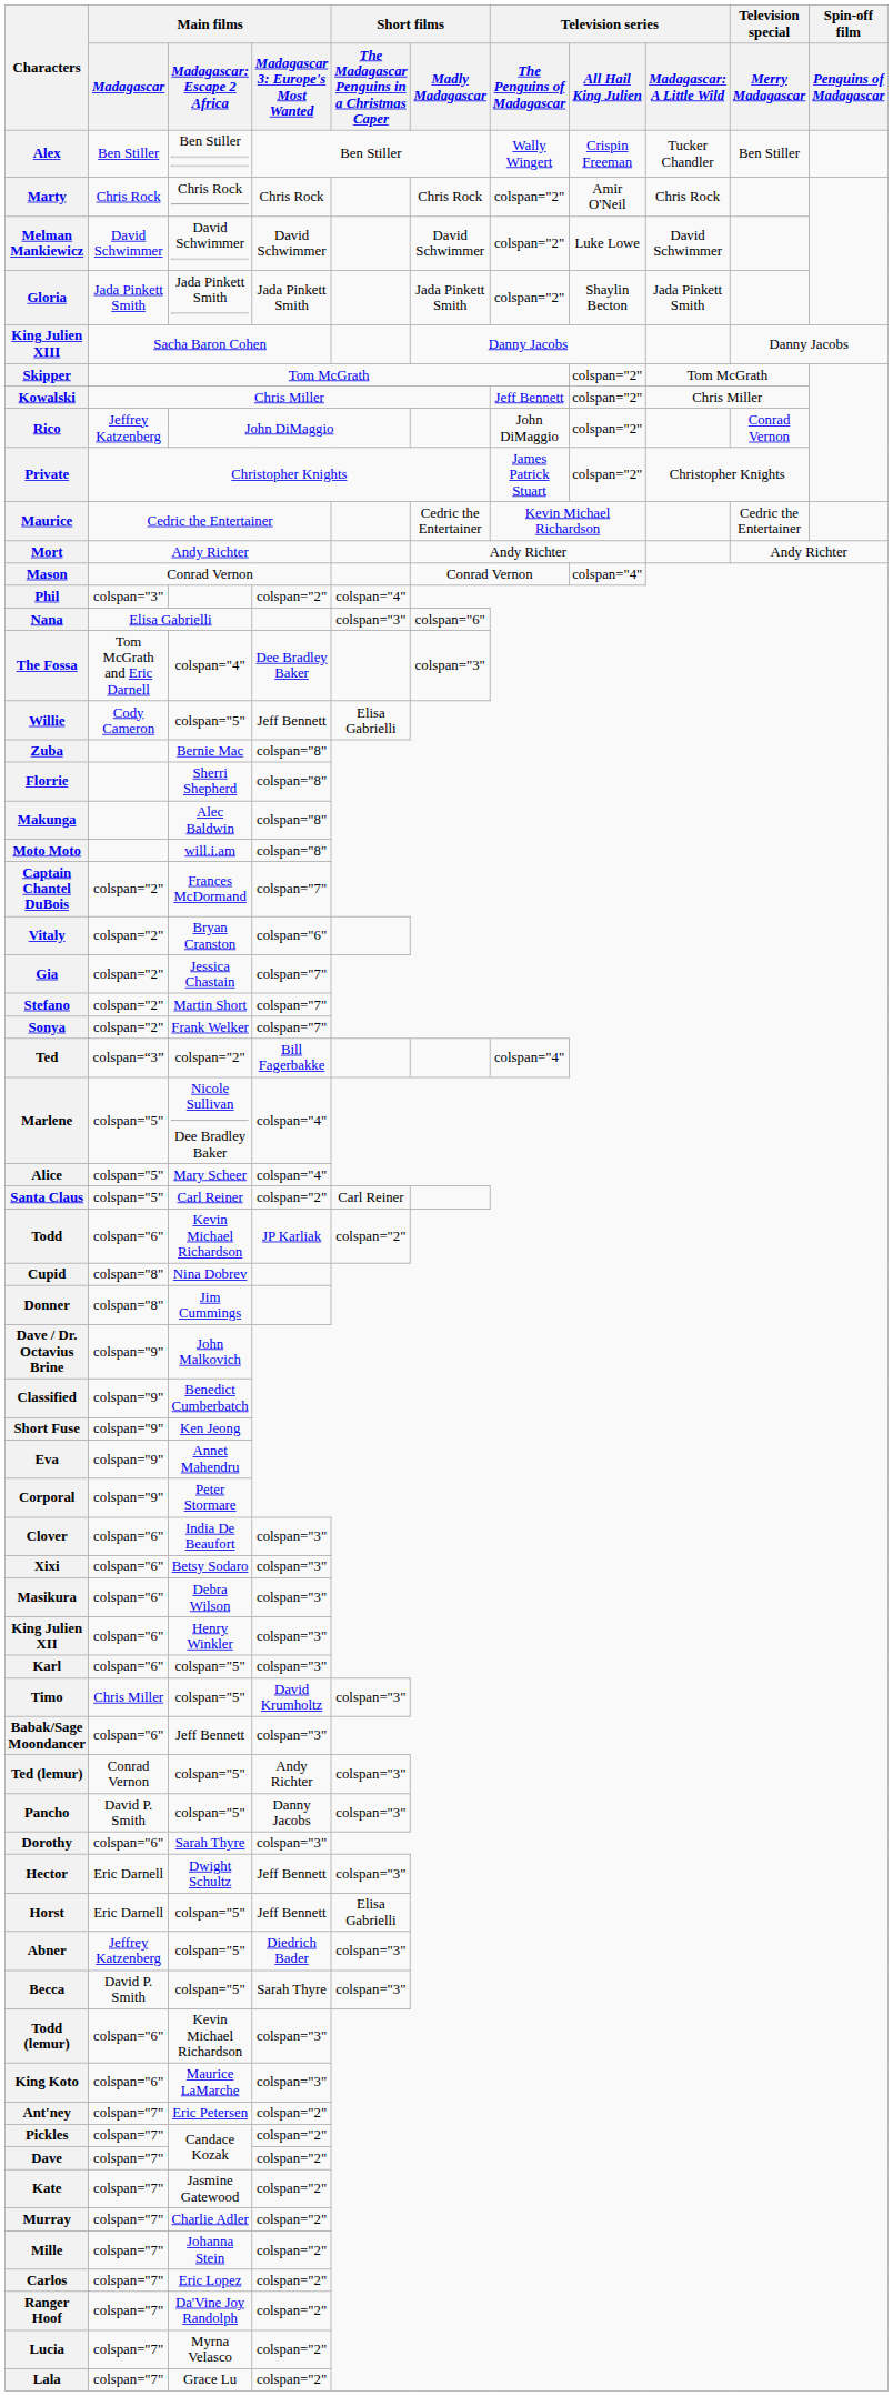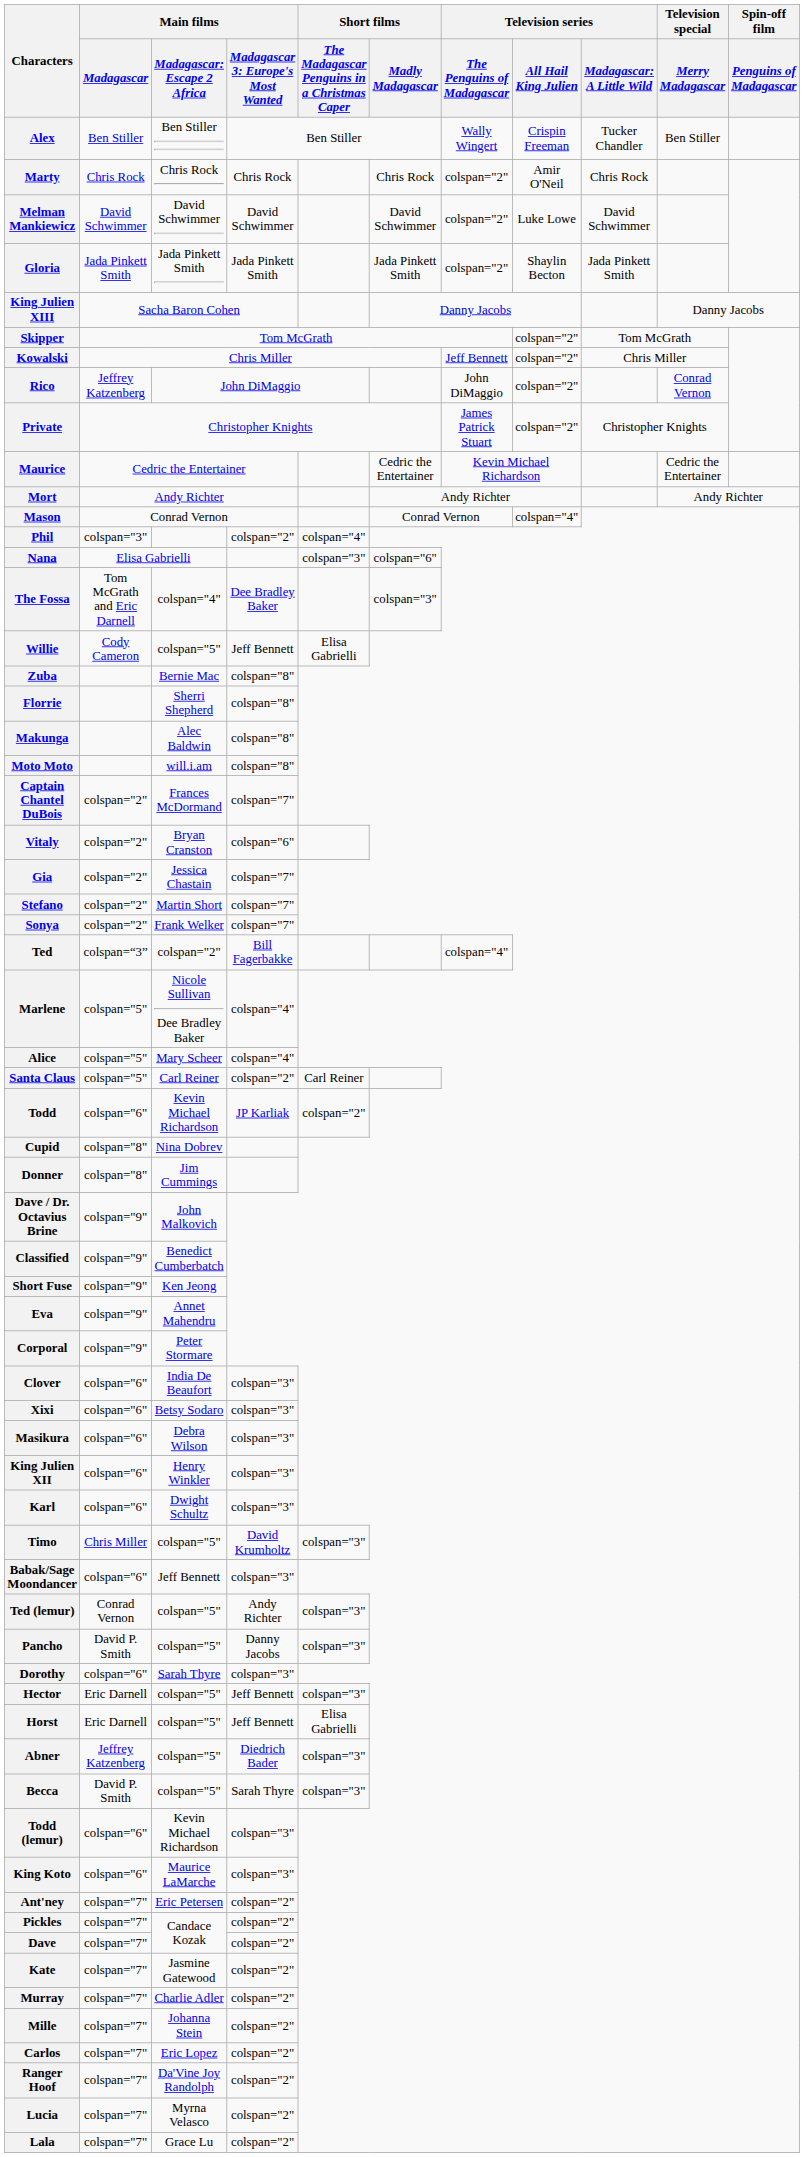 <table class="wikitable" style="text-align:center; width:99%;">
 <tr>
 <th rowspan="2" width="10%">Characters</th>
 <th colspan="3">Main films</th>
 <th colspan="2">Short films</th>
 <th colspan="3">Television series</th>
 <th>Television special</th>
 <th>Spin-off film</th>
 </tr>
 <tr>
 <th align="center" width="10%"><em><a href='#'>Madagascar</a></em></th>
 <th align="center" width="10%"><em><a href='#'>Madagascar:<br>Escape 2 Africa</a></em></th>
 <th align="center" width="10%"><em><a href='#'>Madagascar 3: Europe's Most Wanted</a></em></th>
 <th align="center" width="10%"><em><a href='#'>The Madagascar Penguins in a Christmas Caper</a></em></th>
 <th align="center" width="10%"><em><a href='#'>Madly Madagascar</a></em></th>
 <th align="center" width="10%"><em><a href='#'>The Penguins of Madagascar</a></em></th>
 <th align="center" width="10%"><em><a href='#'>All Hail King Julien</a></em></th>
 <th align="center" width="10%"><em><a href='#'>Madagascar: A Little Wild</a></em></th>
 <th align="center" width="10%"><em><a href='#'>Merry Madagascar</a></em></th>
 <th align="center" width="10%"><em><a href='#'>Penguins of Madagascar</a></em></th>
 </tr>
 <tr>
 <th><a href='#'>Alex</a></th>
 <td><a href='#'>Ben Stiller</a></td>
 <td>Ben Stiller<hr><hr></td>
 <td colspan="3">Ben Stiller</td>
 <td><a href='#'>Wally Wingert</a></td>
 <td><a href='#'>Crispin Freeman</a></td>
 <td>Tucker Chandler</td>
 <td>Ben Stiller</td>
 <td></td>
 </tr>
 <tr>
 <th><a href='#'>Marty</a></th>
 <td><a href='#'>Chris Rock</a></td>
 <td>Chris Rock<hr></td>
 <td>Chris Rock</td>
 <td></td>
 <td>Chris Rock</td>
 <td>colspan="2" </td>
 <td>Amir O'Neil</td>
 <td>Chris Rock</td>
 <td></td>
 </tr>
 <tr>
 <th><a href='#'>Melman Mankiewicz</a></th>
 <td><a href='#'>David Schwimmer</a></td>
 <td>David Schwimmer<hr></td>
 <td>David Schwimmer</td>
 <td></td>
 <td>David Schwimmer</td>
 <td>colspan="2" </td>
 <td>Luke Lowe</td>
 <td>David Schwimmer</td>
 <td></td>
 </tr>
 <tr>
 <th><a href='#'>Gloria</a></th>
 <td><a href='#'>Jada Pinkett Smith</a></td>
 <td>Jada Pinkett Smith<hr></td>
 <td>Jada Pinkett Smith</td>
 <td></td>
 <td>Jada Pinkett Smith</td>
 <td>colspan="2" </td>
 <td>Shaylin Becton</td>
 <td>Jada Pinkett Smith</td>
 <td></td>
 </tr>
 <tr>
 <th><a href='#'>King Julien XIII</a></th>
 <td colspan="3"><a href='#'>Sacha Baron Cohen</a></td>
 <td></td>
 <td colspan="3"><a href='#'>Danny Jacobs</a></td>
 <td></td>
 <td colspan="2">Danny Jacobs</td>
 </tr>
 <tr>
 <th><a href='#'>Skipper</a></th>
 <td colspan="6"><a href='#'>Tom McGrath</a></td>
 <td>colspan="2" </td>
 <td colspan="2">Tom McGrath</td>
 </tr>
 <tr>
 <th><a href='#'>Kowalski</a></th>
 <td colspan="5"><a href='#'>Chris Miller</a></td>
 <td><a href='#'>Jeff Bennett</a></td>
 <td>colspan="2" </td>
 <td colspan="2">Chris Miller</td>
 </tr>
 <tr>
 <th><a href='#'>Rico</a></th>
 <td><a href='#'>Jeffrey Katzenberg</a></td>
 <td colspan="3"><a href='#'>John DiMaggio</a></td>
 <td></td>
 <td>John DiMaggio</td>
 <td>colspan="2" </td>
 <td></td>
 <td><a href='#'>Conrad Vernon</a></td>
 </tr>
 <tr>
 <th><a href='#'>Private</a></th>
 <td colspan="5"><a href='#'>Christopher Knights</a></td>
 <td><a href='#'>James Patrick Stuart</a></td>
 <td>colspan="2" </td>
 <td colspan="2">Christopher Knights</td>
 </tr>
 <tr>
 <th><a href='#'>Maurice</a></th>
 <td colspan="3"><a href='#'>Cedric the Entertainer</a></td>
 <td></td>
 <td>Cedric the Entertainer</td>
 <td colspan="2"><a href='#'>Kevin Michael Richardson</a></td>
 <td></td>
 <td>Cedric the Entertainer</td>
 <td></td>
 </tr>
 <tr>
 <th><a href='#'>Mort</a></th>
 <td colspan="3"><a href='#'>Andy Richter</a></td>
 <td></td>
 <td colspan="3">Andy Richter</td>
 <td></td>
 <td colspan="2">Andy Richter</td>
 </tr>
 <tr>
 <th><a href='#'>Mason</a></th>
 <td colspan="3">Conrad Vernon</td>
 <td></td>
 <td colspan="2">Conrad Vernon</td>
 <td>colspan="4" </td>
 </tr>
 <tr>
 <th><a href='#'>Phil</a></th>
 <td>colspan="3" </td>
 <td></td>
 <td>colspan="2" </td>
 <td>colspan="4" </td>
 </tr>
 <tr>
 <th><a href='#'>Nana</a></th>
 <td colspan="2"><a href='#'>Elisa Gabrielli</a></td>
 <td></td>
 <td>colspan="3" </td>
 <td>colspan="6" </td>
 </tr>
 <tr>
 <th><a href='#'>The Fossa</a></th>
 <td>Tom McGrath and <a href='#'>Eric Darnell</a></td>
 <td>colspan="4" </td>
 <td><a href='#'>Dee Bradley Baker</a></td>
 <td></td>
 <td>colspan="3" </td>
 </tr>
 <tr>
 <th><a href='#'>Willie</a></th>
 <td><a href='#'>Cody Cameron</a></td>
 <td>colspan="5" </td>
 <td>Jeff Bennett</td>
 <td>Elisa Gabrielli</td>
 </tr>
 <tr>
 <th><a href='#'>Zuba</a></th>
 <td></td>
 <td><a href='#'>Bernie Mac</a></td>
 <td>colspan="8" </td>
 </tr>
 <tr>
 <th><a href='#'>Florrie</a></th>
 <td></td>
 <td><a href='#'>Sherri Shepherd</a></td>
 <td>colspan="8" </td>
 </tr>
 <tr>
 <th><a href='#'>Makunga</a></th>
 <td></td>
 <td><a href='#'>Alec Baldwin</a></td>
 <td>colspan="8" </td>
 </tr>
 <tr>
 <th><a href='#'>Moto Moto</a></th>
 <td></td>
 <td><a href='#'>will.i.am</a></td>
 <td>colspan="8" </td>
 </tr>
 <tr>
 <th><a href='#'>Captain Chantel DuBois</a></th>
 <td>colspan="2" </td>
 <td><a href='#'>Frances McDormand</a></td>
 <td>colspan="7" </td>
 </tr>
 <tr>
 <th><a href='#'>Vitaly</a></th>
 <td>colspan="2" </td>
 <td><a href='#'>Bryan Cranston</a></td>
 <td>colspan="6" </td>
 <td></td>
 </tr>
 <tr>
 <th><a href='#'>Gia</a></th>
 <td>colspan="2" </td>
 <td><a href='#'>Jessica Chastain</a></td>
 <td>colspan="7" </td>
 </tr>
 <tr>
 <th><a href='#'>Stefano</a></th>
 <td>colspan="2" </td>
 <td><a href='#'>Martin Short</a></td>
 <td>colspan="7" </td>
 </tr>
 <tr>
 <th><a href='#'>Sonya</a></th>
 <td>colspan="2" </td>
 <td><a href='#'>Frank Welker</a></td>
 <td>colspan="7" </td>
 </tr>
 <tr>
 <th>Ted</th>
 <td>colspan=“3” </td>
 <td>colspan="2" </td>
 <td><a href='#'>Bill Fagerbakke</a></td>
 <td></td>
 <td></td>
 <td>colspan="4" </td>
 </tr>
 <tr>
 <th>Marlene</th>
 <td>colspan="5" </td>
 <td><a href='#'>Nicole Sullivan</a><hr>Dee Bradley Baker</td>
 <td>colspan="4" </td>
 </tr>
 <tr>
 <th>Alice</th>
 <td>colspan="5" </td>
 <td><a href='#'>Mary Scheer</a></td>
 <td>colspan="4" </td>
 </tr>
 <tr>
 <th><a href='#'>Santa Claus</a></th>
 <td>colspan="5" </td>
 <td><a href='#'>Carl Reiner</a></td>
 <td>colspan="2" </td>
 <td>Carl Reiner</td>
 <td></td>
 </tr>
 <tr>
 <th>Todd</th>
 <td>colspan="6" </td>
 <td><a href='#'>Kevin Michael Richardson</a></td>
 <td><a href='#'>JP Karliak</a></td>
 <td>colspan="2" </td>
 </tr>
 <tr>
 <th>Cupid</th>
 <td>colspan="8" </td>
 <td><a href='#'>Nina Dobrev</a></td>
 <td></td>
 </tr>
 <tr>
 <th>Donner</th>
 <td>colspan="8" </td>
 <td><a href='#'>Jim Cummings</a></td>
 <td></td>
 </tr>
 <tr>
 <th>Dave / Dr. Octavius Brine</th>
 <td>colspan="9" </td>
 <td><a href='#'>John Malkovich</a></td>
 </tr>
 <tr>
 <th>Classified</th>
 <td>colspan="9" </td>
 <td><a href='#'>Benedict Cumberbatch</a></td>
 </tr>
 <tr>
 <th>Short Fuse</th>
 <td>colspan="9" </td>
 <td><a href='#'>Ken Jeong</a></td>
 </tr>
 <tr>
 <th>Eva</th>
 <td>colspan="9" </td>
 <td><a href='#'>Annet Mahendru</a></td>
 </tr>
 <tr>
 <th>Corporal</th>
 <td>colspan="9" </td>
 <td><a href='#'>Peter Stormare</a></td>
 </tr>
 <tr>
 <th>Clover</th>
 <td>colspan="6" </td>
 <td><a href='#'>India De Beaufort</a></td>
 <td>colspan="3" </td>
 </tr>
 <tr>
 <th>Xixi</th>
 <td>colspan="6" </td>
 <td><a href='#'>Betsy Sodaro</a></td>
 <td>colspan="3" </td>
 </tr>
 <tr>
 <th>Masikura</th>
 <td>colspan="6" </td>
 <td><a href='#'>Debra Wilson</a></td>
 <td>colspan="3" </td>
 </tr>
 <tr>
 <th>King Julien XII</th>
 <td>colspan="6" </td>
 <td><a href='#'>Henry Winkler</a></td>
 <td>colspan="3" </td>
 </tr>
 <tr>
 <th>Karl</th>
 <td>colspan="6" </td>
-<td>colspan="5" </td>
+<td><a href='#'>Dwight Schultz</a></td>
 <td>colspan="3" </td>
 </tr>
 <tr>
 <th>Timo</th>
 <td><a href='#'>Chris Miller</a></td>
 <td>colspan="5" </td>
 <td><a href='#'>David Krumholtz</a></td>
 <td>colspan="3" </td>
 </tr>
 <tr>
 <th>Babak/Sage Moondancer</th>
 <td>colspan="6" </td>
 <td>Jeff Bennett</td>
 <td>colspan="3" </td>
 </tr>
 <tr>
 <th>Ted (lemur)</th>
 <td>Conrad Vernon</td>
 <td>colspan="5" </td>
 <td>Andy Richter</td>
 <td>colspan="3" </td>
 </tr>
 <tr>
 <th>Pancho</th>
 <td>David P. Smith</td>
 <td>colspan="5" </td>
 <td>Danny Jacobs</td>
 <td>colspan="3" </td>
 </tr>
 <tr>
 <th>Dorothy</th>
 <td>colspan="6" </td>
 <td><a href='#'>Sarah Thyre</a></td>
 <td>colspan="3" </td>
 </tr>
 <tr>
 <th>Hector</th>
 <td>Eric Darnell</td>
-<td><a href='#'>Dwight Schultz</a></td>
+<td>colspan="5" </td>
 <td>Jeff Bennett</td>
 <td>colspan="3" </td>
 </tr>
 <tr>
 <th>Horst</th>
 <td>Eric Darnell</td>
 <td>colspan="5" </td>
 <td>Jeff Bennett</td>
 <td>Elisa Gabrielli</td>
 </tr>
 <tr>
 <th>Abner</th>
 <td><a href='#'>Jeffrey Katzenberg</a></td>
 <td>colspan="5" </td>
 <td><a href='#'>Diedrich Bader</a></td>
 <td>colspan="3" </td>
 </tr>
 <tr>
 <th>Becca</th>
 <td>David P. Smith</td>
 <td>colspan="5" </td>
 <td>Sarah Thyre</td>
 <td>colspan="3" </td>
 </tr>
 <tr>
 <th>Todd (lemur)</th>
 <td>colspan="6" </td>
 <td>Kevin Michael Richardson</td>
 <td>colspan="3" </td>
 </tr>
 <tr>
 <th>King Koto</th>
 <td>colspan="6" </td>
 <td><a href='#'>Maurice LaMarche</a></td>
 <td>colspan="3" </td>
 </tr>
 <tr>
 <th>Ant'ney</th>
 <td>colspan="7" </td>
 <td><a href='#'>Eric Petersen</a></td>
 <td>colspan="2" </td>
 </tr>
 <tr>
 <th>Pickles</th>
 <td>colspan="7" </td>
 <td rowspan="2">Candace Kozak</td>
 <td>colspan="2" </td>
 </tr>
 <tr>
 <th>Dave</th>
 <td>colspan="7" </td>
 <td>colspan="2" </td>
 </tr>
 <tr>
 <th>Kate</th>
 <td>colspan="7" </td>
 <td>Jasmine Gatewood</td>
 <td>colspan="2" </td>
 </tr>
 <tr>
 <th>Murray</th>
 <td>colspan="7" </td>
 <td><a href='#'>Charlie Adler</a></td>
 <td>colspan="2" </td>
 </tr>
 <tr>
 <th>Mille</th>
 <td>colspan="7" </td>
 <td><a href='#'>Johanna Stein</a></td>
 <td>colspan="2" </td>
 </tr>
 <tr>
 <th>Carlos</th>
 <td>colspan="7" </td>
 <td><a href='#'>Eric Lopez</a></td>
 <td>colspan="2" </td>
 </tr>
 <tr>
 <th>Ranger Hoof</th>
 <td>colspan="7" </td>
 <td><a href='#'>Da'Vine Joy Randolph</a></td>
 <td>colspan="2" </td>
 </tr>
 <tr>
 <th>Lucia</th>
 <td>colspan="7" </td>
 <td>Myrna Velasco</td>
 <td>colspan="2" </td>
 </tr>
 <tr>
 <th>Lala</th>
 <td>colspan="7" </td>
 <td>Grace Lu</td>
 <td>colspan="2" </td>
 </tr>
 </table>
